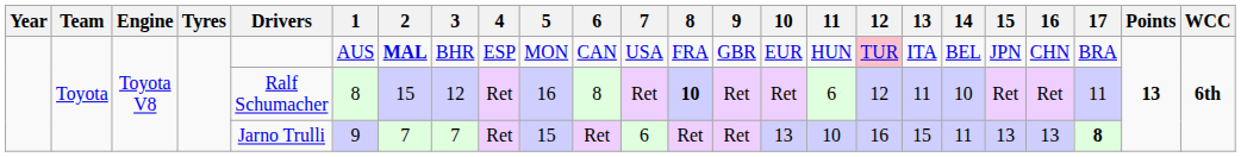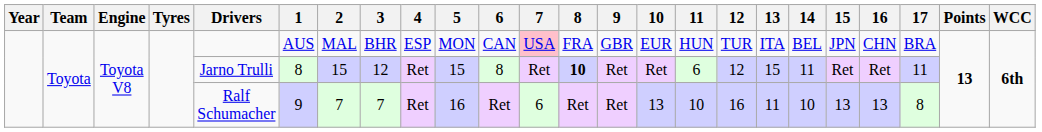 <table class="wikitable" style="text-align:center; font-size:95%">
 <tr>
 <th>Year</th>
 <th>Team</th>
 <th>Engine</th>
 <th>Tyres</th>
 <th>Drivers</th>
 <th>1</th>
 <th>2</th>
 <th>3</th>
 <th>4</th>
 <th>5</th>
 <th>6</th>
 <th>7</th>
 <th>8</th>
 <th>9</th>
 <th>10</th>
 <th>11</th>
 <th>12</th>
 <th>13</th>
 <th>14</th>
 <th>15</th>
 <th>16</th>
 <th>17</th>
 <th>Points</th>
 <th>WCC</th>
 </tr>
 <tr>
 <td rowspan="3"></td>
 <td rowspan="3"><a href='#'>Toyota</a></td>
 <td rowspan="3"><a href='#'>Toyota</a> <a href='#'>V8</a></td>
 <td rowspan="3"></td>
 <td></td>
 <td><a href='#'>AUS</a></td>
-<td><strong><a href='#'>MAL</a></strong></td>
+<td><a href='#'>MAL</a></td>
 <td><a href='#'>BHR</a></td>
 <td><a href='#'>ESP</a></td>
 <td><a href='#'>MON</a></td>
 <td><a href='#'>CAN</a></td>
-<td><a href='#'>USA</a></td>
+<td style="background: pink;"><a href='#'>USA</a></td>
 <td><a href='#'>FRA</a></td>
 <td><a href='#'>GBR</a></td>
 <td><a href='#'>EUR</a></td>
 <td><a href='#'>HUN</a></td>
-<td style="background: pink;"><a href='#'>TUR</a></td>
+<td><a href='#'>TUR</a></td>
 <td><a href='#'>ITA</a></td>
 <td><a href='#'>BEL</a></td>
 <td><a href='#'>JPN</a></td>
 <td><a href='#'>CHN</a></td>
 <td><a href='#'>BRA</a></td>
 <td rowspan="3"><strong>13</strong></td>
 <td rowspan="3"><strong>6th</strong></td>
 </tr>
 <tr>
-<td> <a href='#'>Ralf Schumacher</a></td>
+<td> <a href='#'>Jarno Trulli</a></td>
 <td style="background:#DFFFDF;">8</td>
 <td style="background:#CFCFFF;">15</td>
 <td style="background:#CFCFFF;">12</td>
 <td style="background:#EFCFFF;">Ret</td>
-<td style="background:#CFCFFF;">16</td>
+<td style="background:#CFCFFF;">15</td>
 <td style="background:#DFFFDF;">8</td>
 <td style="background:#EFCFFF;">Ret</td>
 <td style="background:#CFCFFF;"><strong>10</strong></td>
 <td style="background:#EFCFFF;">Ret</td>
 <td style="background:#EFCFFF;">Ret</td>
 <td style="background:#DFFFDF;">6</td>
 <td style="background:#CFCFFF;">12</td>
+<td style="background:#CFCFFF;">15</td>
 <td style="background:#CFCFFF;">11</td>
-<td style="background:#CFCFFF;">10</td>
 <td style="background:#EFCFFF;">Ret</td>
 <td style="background:#EFCFFF;">Ret</td>
 <td style="background:#CFCFFF;">11</td>
 </tr>
 <tr>
-<td> <a href='#'>Jarno Trulli</a></td>
+<td> <a href='#'>Ralf Schumacher</a></td>
 <td style="background:#CFCFFF;">9</td>
 <td style="background:#DFFFDF;">7</td>
 <td style="background:#DFFFDF;">7</td>
 <td style="background:#EFCFFF;">Ret</td>
-<td style="background:#CFCFFF;">15</td>
+<td style="background:#CFCFFF;">16</td>
 <td style="background:#EFCFFF;">Ret</td>
 <td style="background:#DFFFDF;">6</td>
 <td style="background:#EFCFFF;">Ret</td>
 <td style="background:#EFCFFF;">Ret</td>
 <td style="background:#CFCFFF;">13</td>
 <td style="background:#CFCFFF;">10</td>
 <td style="background:#CFCFFF;">16</td>
-<td style="background:#CFCFFF;">15</td>
 <td style="background:#CFCFFF;">11</td>
+<td style="background:#CFCFFF;">10</td>
 <td style="background:#CFCFFF;">13</td>
 <td style="background:#CFCFFF;">13</td>
-<td style="background:#DFFFDF;"><strong>8</strong></td>
+<td style="background:#DFFFDF;">8</td>
 </tr>
 </table>
